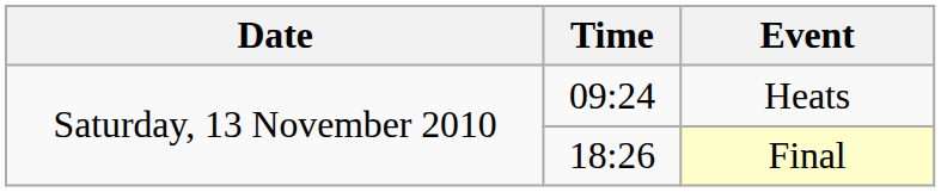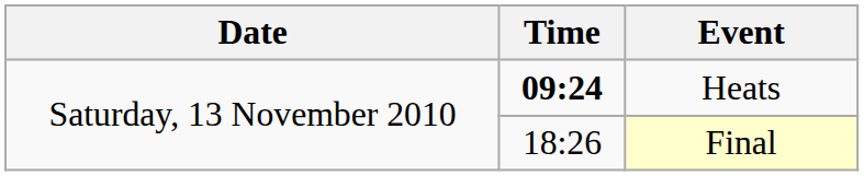 <table class = "wikitable" style="text-align:center;">
 <tr>
 <th width=220>Date</th>
 <th width=50>Time</th>
 <th width=100>Event</th>
 </tr>
 <tr>
 <td rowspan=2>Saturday, 13 November 2010</td>
-<td>09:24</td>
+<td><strong>09:24</strong></td>
 <td>Heats</td>
 </tr>
 <tr>
 <td>18:26</td>
 <td bgcolor=ffffcc>Final</td>
 </tr>
 </table>
